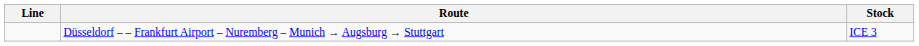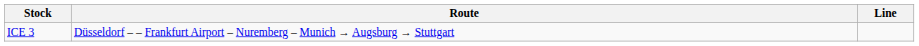 <table class="wikitable" width="100%">
 <tr>
+<th>Stock</th>
+<th>Route</th>
 <th>Line</th>
-<th>Route</th>
-<th>Stock</th>
 </tr>
 <tr>
+<td><a href='#'>ICE 3</a></td>
+<td><a href='#'>Düsseldorf</a> –  – <a href='#'>Frankfurt Airport</a> – <a href='#'>Nuremberg</a> – <a href='#'>Munich</a> → <a href='#'>Augsburg</a> → <a href='#'>Stuttgart</a></td>
 <td></td>
-<td><a href='#'>Düsseldorf</a> –  – <a href='#'>Frankfurt Airport</a> – <a href='#'>Nuremberg</a> – <a href='#'>Munich</a> → <a href='#'>Augsburg</a> → <a href='#'>Stuttgart</a></td>
-<td><a href='#'>ICE 3</a></td>
 </tr>
 </table>
